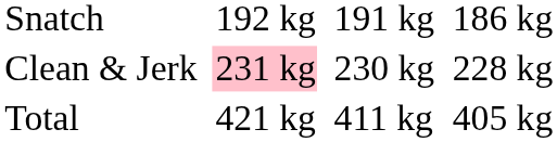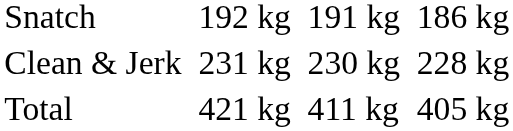 <table>
 <tr>
 <td>Snatch</td>
 <td></td>
 <td>192 kg</td>
 <td></td>
 <td>191 kg</td>
 <td></td>
 <td>186 kg</td>
 </tr>
 <tr>
 <td>Clean & Jerk</td>
 <td></td>
-<td style="background: pink;">231 kg</td>
+<td>231 kg</td>
 <td></td>
 <td>230 kg</td>
 <td></td>
 <td>228 kg</td>
 </tr>
 <tr>
 <td>Total</td>
 <td></td>
 <td>421 kg</td>
 <td></td>
 <td>411 kg</td>
 <td></td>
 <td>405 kg</td>
 </tr>
 </table>
